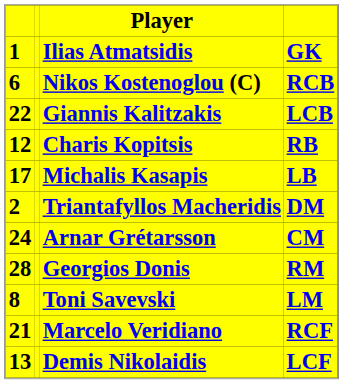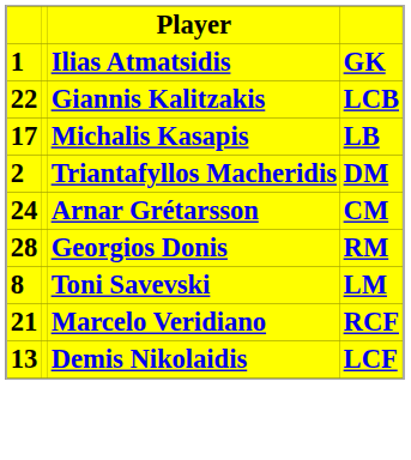 <table class="toccolours" border="0" cellpadding="2" cellspacing="0" align="center" style="margin: 0.5em 0 1em 1em; background: #000000; border: 1px #aaaaaa solid;">
 <tr bgcolor=#FFFF00>
 <th></th>
 <th></th>
 <th>Player</th>
 <th></th>
 </tr>
 <tr bgcolor=#FFFF00>
 <td><strong>1</strong></td>
 <td></td>
 <td><a href='#'><span><strong>Ilias Atmatsidis</strong></span></a></td>
 <td><a href='#'><strong>GK</strong></a></td>
 </tr>
 <tr bgcolor=#FFFF00>
-<td><strong>6</strong></td>
-<td></td>
-<td><a href='#'><span><strong>Nikos Kostenoglou</strong></span></a> <strong>(C)</strong></td>
-<td><a href='#'><strong>RCB</strong></a></td>
-</tr>
-<tr bgcolor=#FFFF00>
 <td><strong>22</strong></td>
 <td></td>
 <td><a href='#'><span><strong>Giannis Kalitzakis</strong></span></a></td>
 <td><a href='#'><strong>LCB</strong></a></td>
-</tr>
-<tr bgcolor=#FFFF00>
-<td><strong>12</strong></td>
-<td></td>
-<td><a href='#'><span><strong>Charis Kopitsis</strong></span></a></td>
-<td><a href='#'><strong>RB</strong></a></td>
 </tr>
 <tr bgcolor=#FFFF00>
 <td><strong>17</strong></td>
 <td></td>
 <td><a href='#'><span><strong>Michalis Kasapis</strong></span></a></td>
 <td><a href='#'><strong>LB</strong></a></td>
 </tr>
 <tr bgcolor=#FFFF00>
 <td><strong>2</strong></td>
 <td></td>
 <td><a href='#'><span><strong>Triantafyllos Macheridis</strong></span></a></td>
 <td><a href='#'><strong>DM</strong></a></td>
 </tr>
 <tr bgcolor=#FFFF00>
 <td><strong>24</strong></td>
 <td></td>
 <td><a href='#'><span><strong>Arnar Grétarsson</strong></span></a></td>
 <td><a href='#'><strong>CM</strong></a></td>
 </tr>
 <tr bgcolor=#FFFF00>
 <td><strong>28</strong></td>
 <td></td>
 <td><a href='#'><span><strong>Georgios Donis</strong></span></a></td>
 <td><a href='#'><strong>RM</strong></a></td>
 </tr>
 <tr bgcolor=#FFFF00>
 <td><strong>8</strong></td>
 <td></td>
 <td><a href='#'><span><strong>Toni Savevski</strong></span></a></td>
 <td><a href='#'><strong>LM</strong></a></td>
 </tr>
 <tr bgcolor=#FFFF00>
 <td><strong>21</strong></td>
 <td></td>
 <td><a href='#'><span><strong>Marcelo Veridiano</strong></span></a></td>
 <td><a href='#'><strong>RCF</strong></a></td>
 </tr>
 <tr bgcolor=#FFFF00>
 <td><strong>13</strong></td>
 <td></td>
 <td><a href='#'><span><strong>Demis Nikolaidis</strong></span></a></td>
 <td><a href='#'><strong>LCF</strong></a></td>
 </tr>
 </table>
